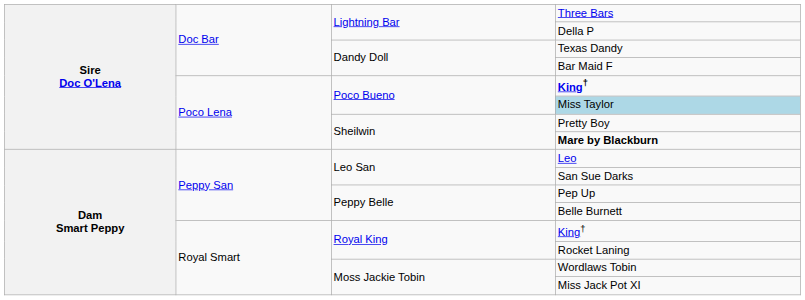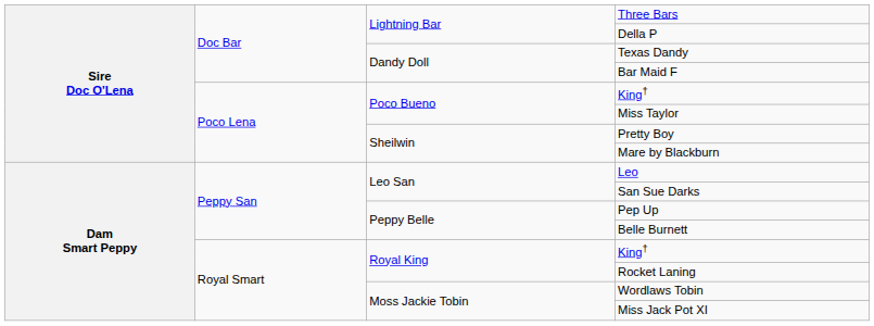 <table class="wikitable" style="clear:both; margin:0em auto; width:90%;">
 <tr>
 <th rowspan="8">Sire<br><a href='#'>Doc O'Lena</a></th>
 <td rowspan="4"><a href='#'>Doc Bar</a></td>
 <td rowspan="2"><a href='#'>Lightning Bar</a></td>
 <td><a href='#'>Three Bars</a></td>
 </tr>
 <tr>
 <td>Della P</td>
 </tr>
 <tr>
 <td rowspan="2">Dandy Doll</td>
 <td>Texas Dandy</td>
 </tr>
 <tr>
 <td>Bar Maid F</td>
 </tr>
 <tr>
 <td rowspan="4"><a href='#'>Poco Lena</a></td>
 <td rowspan="2"><a href='#'>Poco Bueno</a></td>
-<td><strong><a href='#'>King</a><sup>†</sup></strong></td>
+<td><a href='#'>King</a><sup>†</sup></td>
 </tr>
 <tr>
-<td style="background: lightblue;">Miss Taylor</td>
+<td>Miss Taylor</td>
 </tr>
 <tr>
 <td rowspan="2">Sheilwin</td>
 <td>Pretty Boy</td>
 </tr>
 <tr>
-<td><strong>Mare by Blackburn</strong></td>
+<td>Mare by Blackburn</td>
 </tr>
 <tr>
 <th rowspan="8">Dam<br>Smart Peppy</th>
 <td rowspan="4"><a href='#'>Peppy San</a></td>
 <td rowspan="2">Leo San</td>
 <td><a href='#'>Leo</a></td>
 </tr>
 <tr>
 <td>San Sue Darks</td>
 </tr>
 <tr>
 <td rowspan="2">Peppy Belle</td>
 <td>Pep Up</td>
 </tr>
 <tr>
 <td>Belle Burnett</td>
 </tr>
 <tr>
 <td rowspan="4">Royal Smart</td>
 <td rowspan="2"><a href='#'>Royal King</a></td>
 <td><a href='#'>King</a><sup>†</sup></td>
 </tr>
 <tr>
 <td>Rocket Laning</td>
 </tr>
 <tr>
 <td rowspan="2">Moss Jackie Tobin</td>
 <td>Wordlaws Tobin</td>
 </tr>
 <tr>
 <td>Miss Jack Pot XI</td>
 </tr>
 </table>
